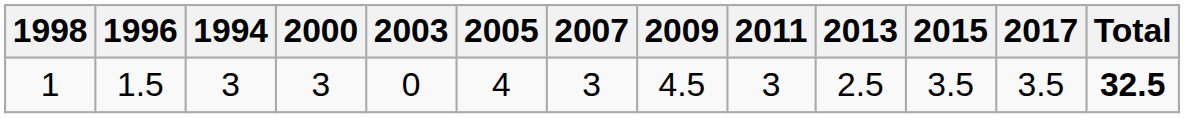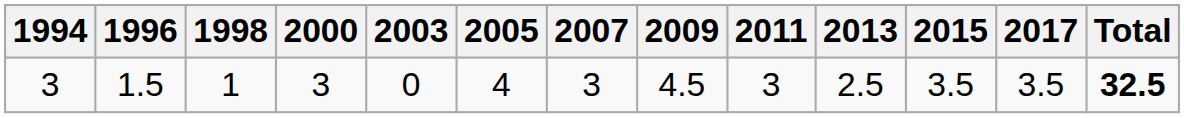 <table class="wikitable" style="text-align:center">
 <tr>
+<th>1994</th>
+<th>1996</th>
 <th>1998</th>
-<th>1996</th>
-<th>1994</th>
 <th>2000</th>
 <th>2003</th>
 <th>2005</th>
 <th>2007</th>
 <th>2009</th>
 <th>2011</th>
 <th>2013</th>
 <th>2015</th>
 <th>2017</th>
 <th>Total</th>
 </tr>
 <tr>
+<td>3</td>
+<td>1.5</td>
 <td>1</td>
-<td>1.5</td>
-<td>3</td>
 <td>3</td>
 <td>0</td>
 <td>4</td>
 <td>3</td>
 <td>4.5</td>
 <td>3</td>
 <td>2.5</td>
 <td>3.5</td>
 <td>3.5</td>
 <td><strong>32.5</strong></td>
 </tr>
 </table>
